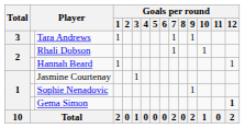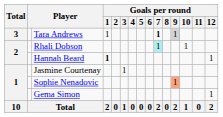 <table class="wikitable" style="text-align:center; line-height: 90%; font-size:90%;">
 <tr>
 <th rowspan="2">Total</th>
 <th rowspan="2" colspan="2">Player</th>
 <th colspan="12">Goals per round</th>
 </tr>
 <tr>
 <th>1</th>
 <th>2</th>
 <th>3</th>
 <th>4</th>
 <th>5</th>
 <th>6</th>
 <th>7</th>
 <th>8</th>
 <th>9</th>
 <th>10</th>
 <th>11</th>
 <th>12</th>
 </tr>
 <tr>
 <th rowspan="1">3</th>
 <td></td>
 <td style="text-align:left;"><a href='#'>Tara Andrews</a></td>
 <td>1</td>
 <td></td>
 <td></td>
 <td></td>
 <td></td>
 <td></td>
-<td>1</td>
+<td><strong>1</strong></td>
 <td></td>
-<td>1</td>
+<td style="background: lightgrey;">1</td>
 <td></td>
 <td></td>
 <td></td>
 </tr>
 <tr>
 <th rowspan="2">2</th>
 <td></td>
 <td style="text-align:left;"><a href='#'>Rhali Dobson</a></td>
 <td></td>
 <td></td>
 <td></td>
 <td></td>
 <td></td>
 <td></td>
-<td>1</td>
+<td style="background: paleturquoise;">1</td>
 <td></td>
 <td></td>
 <td>1</td>
 <td></td>
 <td></td>
 </tr>
 <tr>
 <td></td>
 <td style="text-align:left;"><a href='#'>Hannah Beard</a></td>
-<td>1</td>
+<td><strong>1</strong></td>
 <td></td>
 <td></td>
 <td></td>
 <td></td>
 <td></td>
 <td></td>
 <td></td>
 <td></td>
 <td></td>
 <td></td>
 <td>1</td>
 </tr>
 <tr>
 <th rowspan="3">1</th>
 <td></td>
 <td style="text-align:left;">Jasmine Courtenay</td>
 <td></td>
 <td></td>
 <td>1</td>
 <td></td>
 <td></td>
 <td></td>
 <td></td>
 <td></td>
 <td></td>
 <td></td>
 <td></td>
 <td></td>
 </tr>
 <tr>
 <td></td>
 <td style="text-align:left;"><a href='#'>Sophie Nenadovic</a></td>
 <td></td>
 <td></td>
 <td></td>
 <td></td>
 <td></td>
 <td></td>
 <td></td>
 <td></td>
-<td>1</td>
+<td style="background: lightsalmon;">1</td>
 <td></td>
 <td></td>
 <td></td>
 </tr>
 <tr>
 <td></td>
 <td style="text-align:left;"><a href='#'>Gema Simon</a></td>
 <td></td>
 <td></td>
 <td></td>
 <td></td>
 <td></td>
 <td></td>
 <td></td>
 <td></td>
 <td></td>
 <td></td>
 <td></td>
-<td><strong>1</strong></td>
+<td>1</td>
 </tr>
 <tr>
 <th rowspan="1">10</th>
 <th colspan="2">Total</th>
 <th style="text-align:center;">2</th>
 <th>0</th>
 <th>1</th>
 <th>0</th>
 <th>0</th>
 <th>0</th>
 <th>2</th>
 <th>0</th>
 <th>2</th>
 <th>1</th>
 <th>0</th>
 <th>2</th>
 </tr>
 </table>
